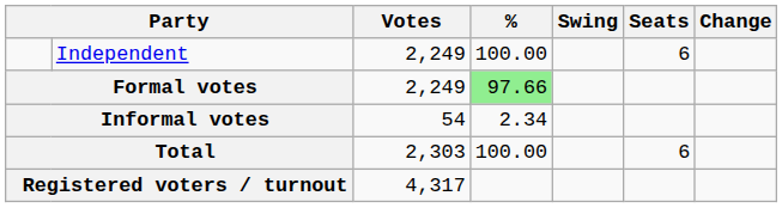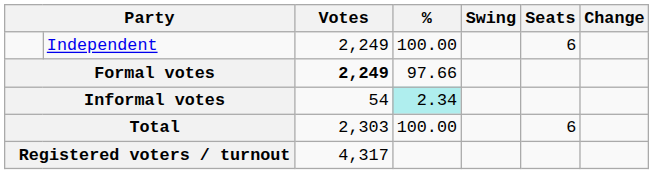 <table class="wikitable" style="text-align:right; margin-bottom:0">
 <tr>
 <th style="width:10px" colspan=3>Party</th>
 <th style="width:70px;">Votes</th>
 <th style="width:40px;">%</th>
 <th style="width:40px;">Swing</th>
 <th style="width:40px;">Seats</th>
 <th style="width:40px;">Change</th>
 </tr>
 <tr>
 <td> </td>
 <td style="text-align:left;" colspan="2"><a href='#'>Independent</a></td>
 <td>2,249</td>
 <td>100.00</td>
 <td></td>
 <td>6</td>
 <td></td>
 </tr>
 <tr>
 <th colspan="3" rowspan="1"> Formal votes</th>
-<td>2,249</td>
-<td style="background: lightgreen;">97.66</td>
+<td><strong>2,249</strong></td>
+<td>97.66</td>
 <td></td>
 <td></td>
 <td></td>
 </tr>
 <tr>
 <th colspan="3" rowspan="1"> Informal votes</th>
 <td>54</td>
-<td>2.34</td>
+<td style="background: paleturquoise;">2.34</td>
 <td></td>
 <td></td>
 <td></td>
 </tr>
 <tr>
 <th colspan="3" rowspan="1"> Total</th>
 <td>2,303</td>
 <td>100.00</td>
 <td></td>
 <td>6</td>
 <td></td>
 </tr>
 <tr>
 <th colspan="3" rowspan="1"> Registered voters / turnout</th>
 <td>4,317</td>
 <td></td>
 <td></td>
 <td></td>
 <td></td>
 </tr>
 </table>
